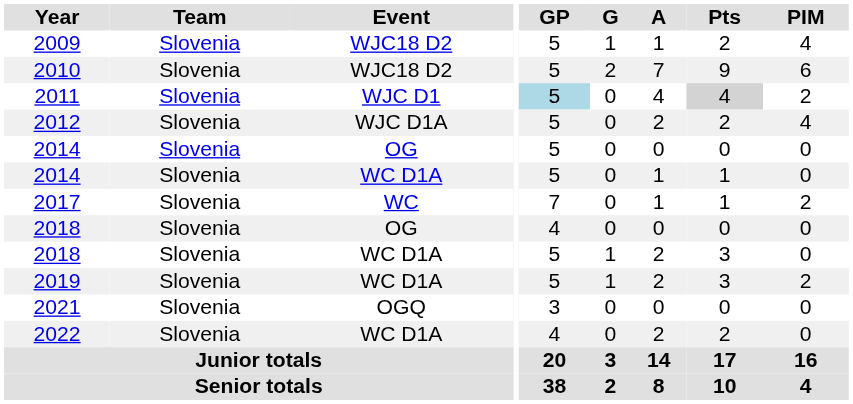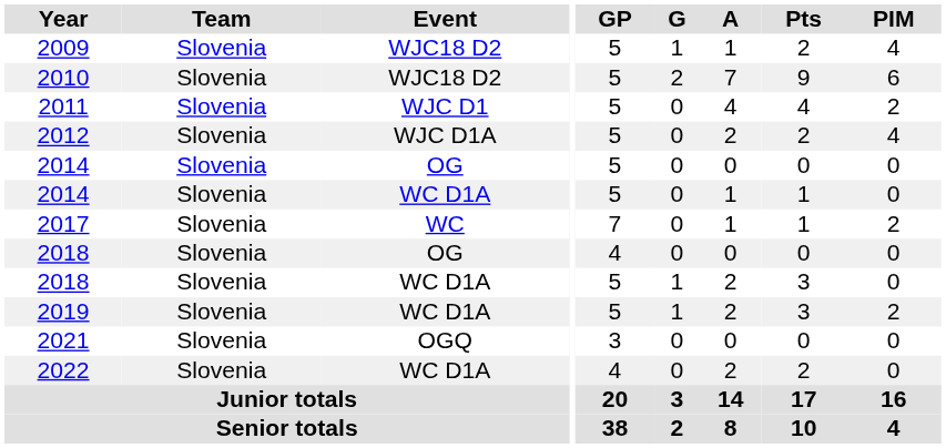 <table border="0" cellpadding="1" cellspacing="0" ID="Table3" style="text-align:center; width:40em">
 <tr ALIGN="center" bgcolor="#e0e0e0">
 <th>Year</th>
 <th>Team</th>
 <th>Event</th>
 <th rowspan="99" bgcolor="#ffffff"></th>
 <th>GP</th>
 <th>G</th>
 <th>A</th>
 <th>Pts</th>
 <th>PIM</th>
 </tr>
 <tr>
 <td><a href='#'>2009</a></td>
 <td><a href='#'>Slovenia</a></td>
 <td><a href='#'>WJC18 D2</a></td>
 <td>5</td>
 <td>1</td>
 <td>1</td>
 <td>2</td>
 <td>4</td>
 </tr>
 <tr bgcolor="#f0f0f0">
 <td><a href='#'>2010</a></td>
 <td>Slovenia</td>
 <td>WJC18 D2</td>
 <td>5</td>
 <td>2</td>
 <td>7</td>
 <td>9</td>
 <td>6</td>
 </tr>
 <tr>
 <td><a href='#'>2011</a></td>
 <td><a href='#'>Slovenia</a></td>
 <td><a href='#'>WJC D1</a></td>
-<td style="background: lightblue;">5</td>
+<td>5</td>
 <td>0</td>
 <td>4</td>
-<td style="background: lightgrey;">4</td>
+<td>4</td>
 <td>2</td>
 </tr>
 <tr bgcolor="#f0f0f0">
 <td><a href='#'>2012</a></td>
 <td>Slovenia</td>
 <td>WJC D1A</td>
 <td>5</td>
 <td>0</td>
 <td>2</td>
 <td>2</td>
 <td>4</td>
 </tr>
 <tr>
 <td><a href='#'>2014</a></td>
 <td><a href='#'>Slovenia</a></td>
 <td><a href='#'>OG</a></td>
 <td>5</td>
 <td>0</td>
 <td>0</td>
 <td>0</td>
 <td>0</td>
 </tr>
 <tr bgcolor="#f0f0f0">
 <td><a href='#'>2014</a></td>
 <td>Slovenia</td>
 <td><a href='#'>WC D1A</a></td>
 <td>5</td>
 <td>0</td>
 <td>1</td>
 <td>1</td>
 <td>0</td>
 </tr>
 <tr>
 <td><a href='#'>2017</a></td>
 <td>Slovenia</td>
 <td><a href='#'>WC</a></td>
 <td>7</td>
 <td>0</td>
 <td>1</td>
 <td>1</td>
 <td>2</td>
 </tr>
 <tr bgcolor="#f0f0f0">
 <td><a href='#'>2018</a></td>
 <td>Slovenia</td>
 <td>OG</td>
 <td>4</td>
 <td>0</td>
 <td>0</td>
 <td>0</td>
 <td>0</td>
 </tr>
 <tr>
 <td><a href='#'>2018</a></td>
 <td>Slovenia</td>
 <td>WC D1A</td>
 <td>5</td>
 <td>1</td>
 <td>2</td>
 <td>3</td>
 <td>0</td>
 </tr>
 <tr bgcolor="#f0f0f0">
 <td><a href='#'>2019</a></td>
 <td>Slovenia</td>
 <td>WC D1A</td>
 <td>5</td>
 <td>1</td>
 <td>2</td>
 <td>3</td>
 <td>2</td>
 </tr>
 <tr>
 <td><a href='#'>2021</a></td>
 <td>Slovenia</td>
 <td>OGQ</td>
 <td>3</td>
 <td>0</td>
 <td>0</td>
 <td>0</td>
 <td>0</td>
 </tr>
 <tr bgcolor="#f0f0f0">
 <td><a href='#'>2022</a></td>
 <td>Slovenia</td>
 <td>WC D1A</td>
 <td>4</td>
 <td>0</td>
 <td>2</td>
 <td>2</td>
 <td>0</td>
 </tr>
 <tr bgcolor="#e0e0e0">
 <th colspan=3>Junior totals</th>
 <th>20</th>
 <th>3</th>
 <th>14</th>
 <th>17</th>
 <th>16</th>
 </tr>
 <tr bgcolor="#e0e0e0">
 <th colspan=3>Senior totals</th>
 <th>38</th>
 <th>2</th>
 <th>8</th>
 <th>10</th>
 <th>4</th>
 </tr>
 </table>
